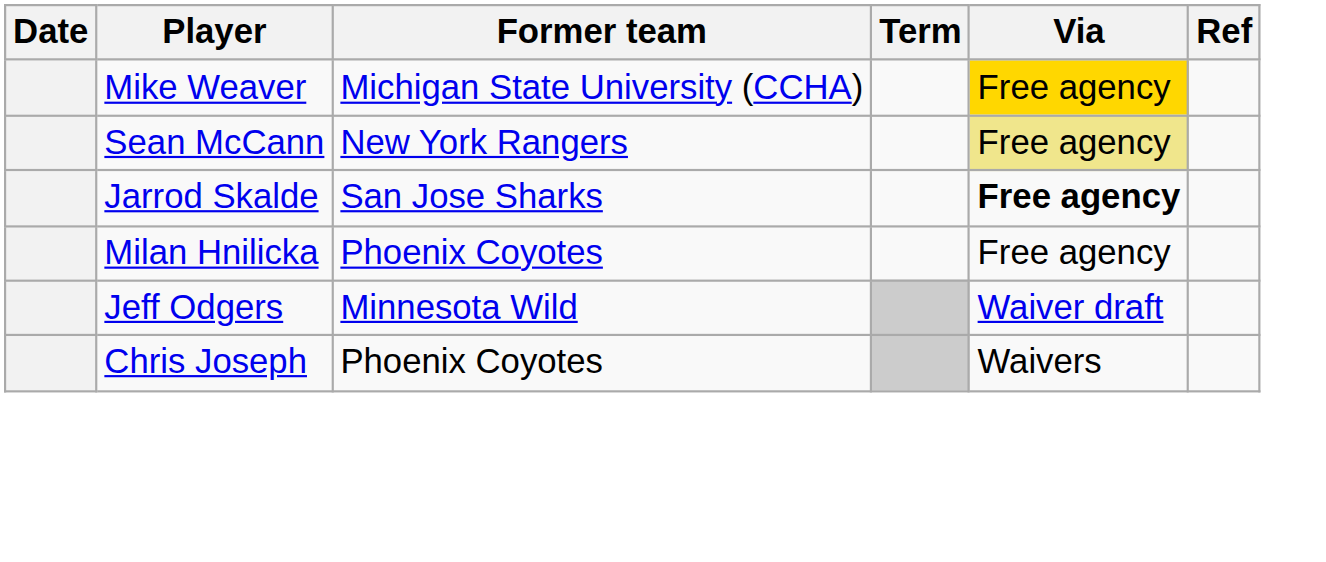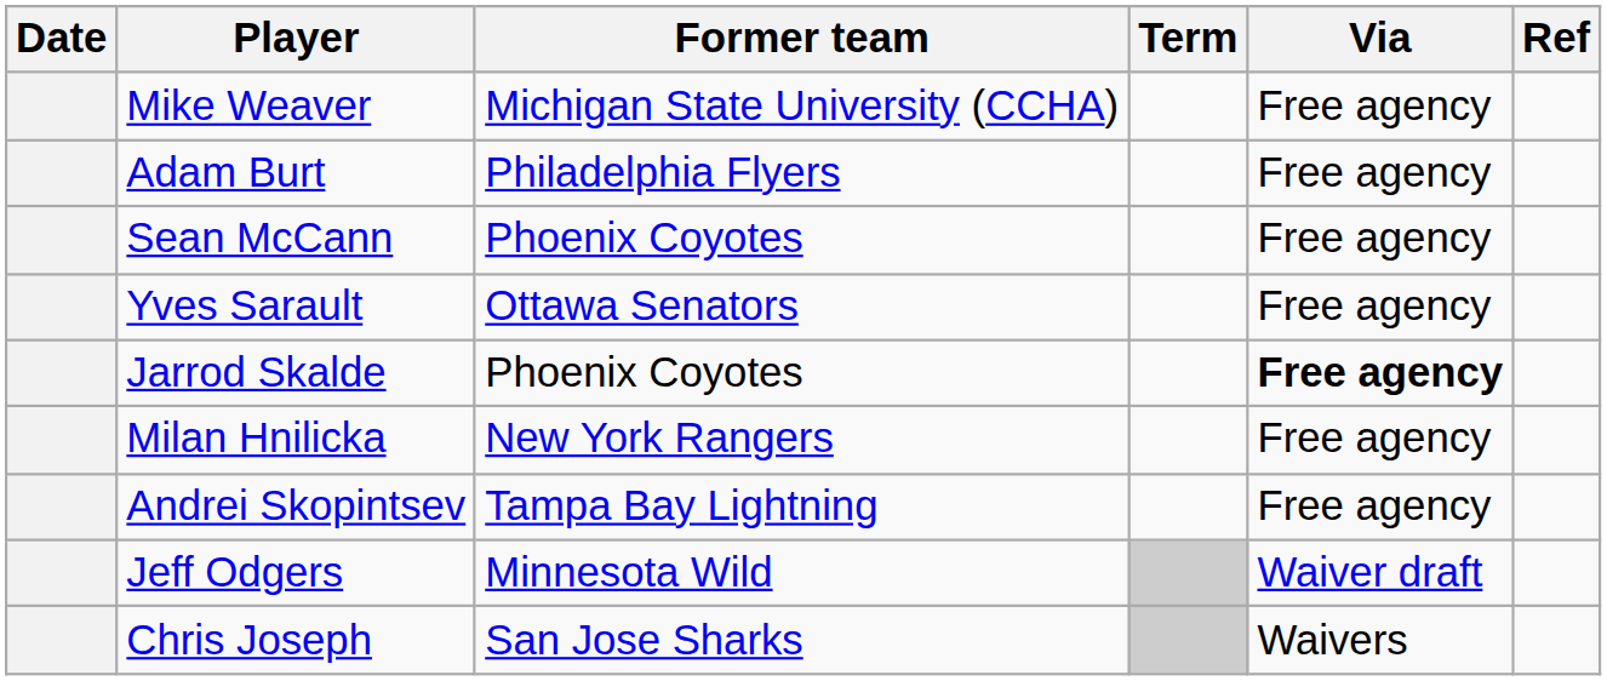 <table class="wikitable plainrowheaders">
 <tr style="background:#ddd; text-align:center;">
 <th>Date</th>
 <th>Player</th>
 <th>Former team</th>
 <th>Term</th>
 <th>Via</th>
 <th>Ref</th>
 </tr>
 <tr>
 <th scope="row"></th>
 <td><a href='#'>Mike Weaver</a></td>
 <td><a href='#'>Michigan State University</a> (<a href='#'>CCHA</a>)</td>
 <td></td>
-<td style="background: gold;">Free agency</td>
+<td>Free agency</td>
+<td></td>
+</tr>
+<tr>
+<th scope="row"></th>
+<td><a href='#'>Adam Burt</a></td>
+<td><a href='#'>Philadelphia Flyers</a></td>
+<td></td>
+<td>Free agency</td>
 <td></td>
 </tr>
 <tr>
 <th scope="row"></th>
 <td><a href='#'>Sean McCann</a></td>
-<td><a href='#'>New York Rangers</a></td>
+<td><a href='#'>Phoenix Coyotes</a></td>
 <td></td>
-<td style="background: khaki;">Free agency</td>
+<td>Free agency</td>
+<td></td>
+</tr>
+<tr>
+<th scope="row"></th>
+<td><a href='#'>Yves Sarault</a></td>
+<td><a href='#'>Ottawa Senators</a></td>
+<td></td>
+<td>Free agency</td>
 <td></td>
 </tr>
 <tr>
 <th scope="row"></th>
 <td><a href='#'>Jarrod Skalde</a></td>
-<td><a href='#'>San Jose Sharks</a></td>
+<td>Phoenix Coyotes</td>
 <td></td>
 <td><strong>Free agency</strong></td>
 <td></td>
 </tr>
 <tr>
 <th scope="row"></th>
 <td><a href='#'>Milan Hnilicka</a></td>
-<td><a href='#'>Phoenix Coyotes</a></td>
+<td><a href='#'>New York Rangers</a></td>
+<td></td>
+<td>Free agency</td>
+<td></td>
+</tr>
+<tr>
+<th scope="row"></th>
+<td><a href='#'>Andrei Skopintsev</a></td>
+<td><a href='#'>Tampa Bay Lightning</a></td>
 <td></td>
 <td>Free agency</td>
 <td></td>
 </tr>
 <tr>
 <th scope="row"></th>
 <td><a href='#'>Jeff Odgers</a></td>
 <td><a href='#'>Minnesota Wild</a></td>
 <td style="background:#ccc"></td>
 <td><a href='#'>Waiver draft</a></td>
 <td></td>
 </tr>
 <tr>
 <th scope="row"></th>
 <td><a href='#'>Chris Joseph</a></td>
-<td>Phoenix Coyotes</td>
+<td><a href='#'>San Jose Sharks</a></td>
 <td style="background:#ccc"></td>
 <td>Waivers</td>
 <td></td>
 </tr>
 </table>
